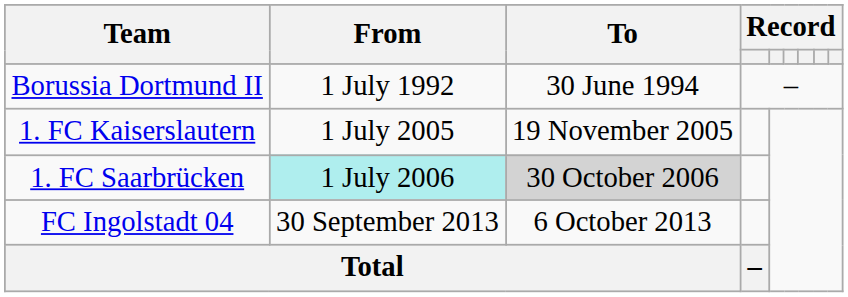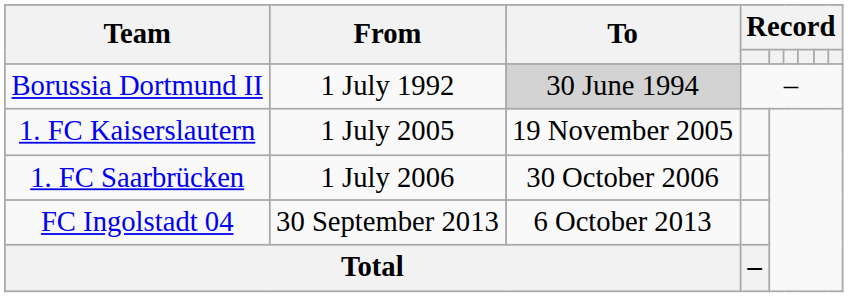 <table class="wikitable" style="text-align: center">
 <tr>
 <th rowspan="2">Team</th>
 <th rowspan="2">From</th>
 <th rowspan="2">To</th>
 <th colspan="6">Record</th>
 </tr>
 <tr>
 <th></th>
 <th></th>
 <th></th>
 <th></th>
 <th></th>
 <th></th>
 </tr>
 <tr>
 <td><a href='#'>Borussia Dortmund II</a></td>
 <td>1 July 1992</td>
-<td>30 June 1994</td>
+<td style="background: lightgrey;">30 June 1994</td>
 <td colspan="6">–  </td>
 </tr>
 <tr>
 <td><a href='#'>1. FC Kaiserslautern</a></td>
 <td>1 July 2005</td>
 <td>19 November 2005<br></td>
 <td></td>
 </tr>
 <tr>
 <td><a href='#'>1. FC Saarbrücken</a></td>
-<td style="background: paleturquoise;">1 July 2006</td>
-<td style="background: lightgrey;">30 October 2006<br></td>
+<td>1 July 2006</td>
+<td>30 October 2006<br></td>
 <td></td>
 </tr>
 <tr>
 <td><a href='#'>FC Ingolstadt 04</a></td>
 <td>30 September 2013</td>
 <td>6 October 2013<br></td>
 <td></td>
 </tr>
 <tr>
 <th colspan="3">Total<br></th>
 <th>–</th>
 </tr>
 </table>
